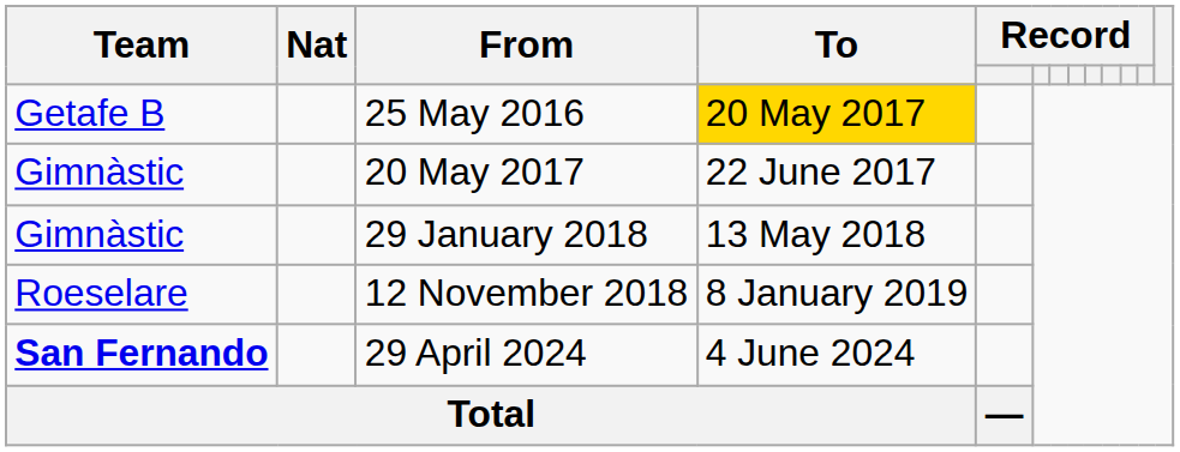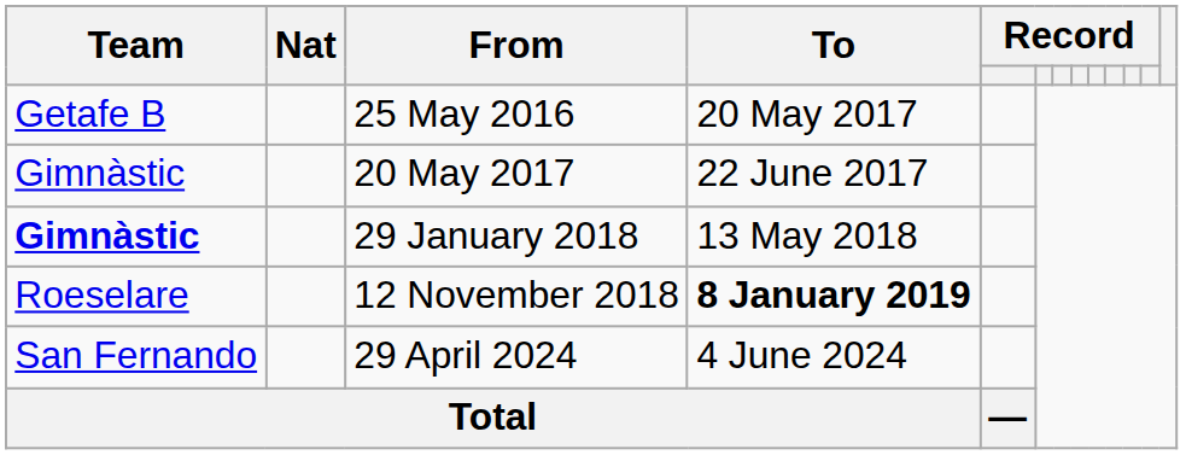 <table class="wikitable" style="text-align: center">
 <tr>
 <th rowspan="2">Team</th>
 <th rowspan="2">Nat</th>
 <th rowspan="2">From</th>
 <th rowspan="2">To</th>
 <th colspan="8">Record</th>
 <th rowspan=2></th>
 </tr>
 <tr>
 <th></th>
 <th></th>
 <th></th>
 <th></th>
 <th></th>
 <th></th>
 <th></th>
 <th></th>
 </tr>
 <tr>
 <td align=left><a href='#'>Getafe B</a></td>
 <td></td>
 <td align=left>25 May 2016</td>
-<td align=left style="background: gold;">20 May 2017<br></td>
+<td align=left>20 May 2017<br></td>
 <td></td>
 </tr>
 <tr>
 <td align=left><a href='#'>Gimnàstic</a></td>
 <td></td>
 <td align=left>20 May 2017</td>
 <td align=left>22 June 2017<br></td>
 <td></td>
 </tr>
 <tr>
-<td align=left><a href='#'>Gimnàstic</a></td>
+<td align=left><strong><a href='#'>Gimnàstic</a></strong></td>
 <td></td>
 <td align=left>29 January 2018</td>
 <td align=left>13 May 2018<br></td>
 <td></td>
 </tr>
 <tr>
 <td align=left><a href='#'>Roeselare</a></td>
 <td></td>
 <td align=left>12 November 2018</td>
-<td align=left>8 January 2019<br></td>
+<td align=left><strong>8 January 2019<br></strong></td>
 <td></td>
 </tr>
 <tr>
-<td align=left><strong><a href='#'>San Fernando</a></strong></td>
+<td align=left><a href='#'>San Fernando</a></td>
 <td></td>
 <td align=left>29 April 2024</td>
 <td align=left>4 June 2024<br></td>
 <td></td>
 </tr>
 <tr>
 <th colspan="4">Total<br></th>
 <th>—</th>
 </tr>
 </table>
